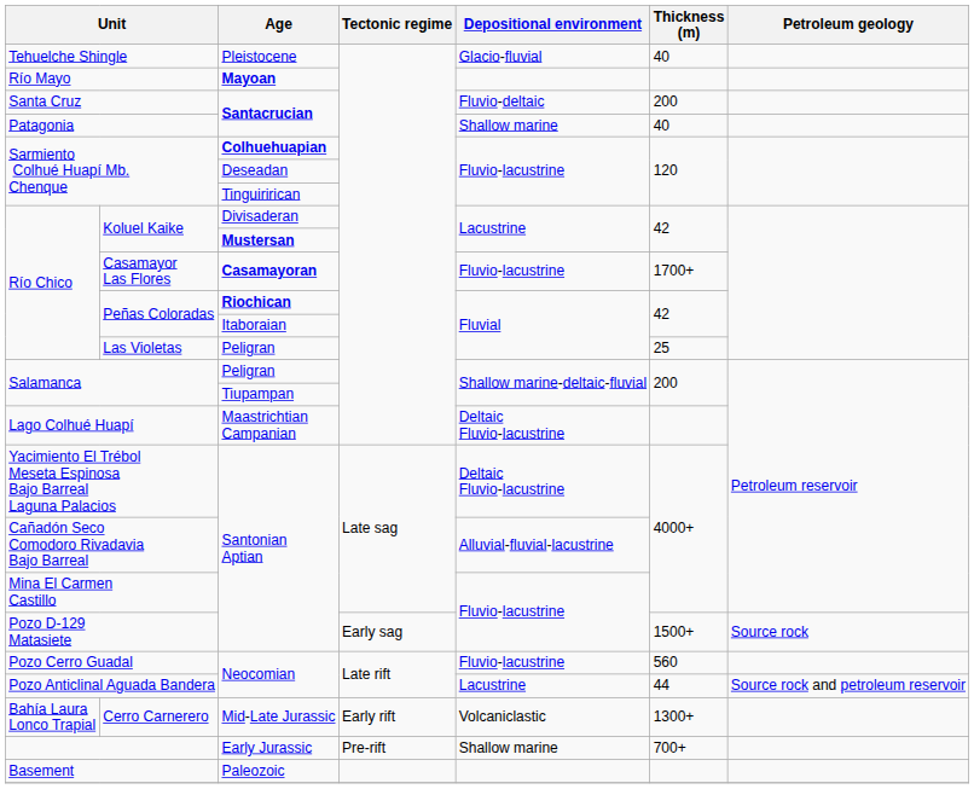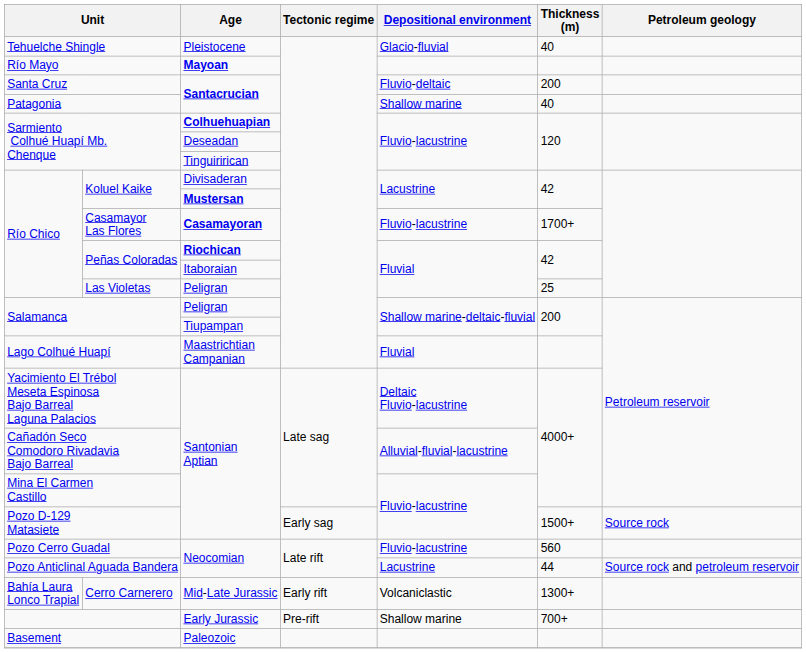 <table class="wikitable">
 <tr>
 <th colspan="2">Unit</th>
 <th>Age<br></th>
 <th>Tectonic regime</th>
 <th><a href='#'>Depositional environment</a></th>
 <th>Thickness<br>(m)</th>
 <th>Petroleum geology</th>
 </tr>
 <tr>
 <td colspan="2"><a href='#'>Tehuelche Shingle</a></td>
 <td style="background-color: "><a href='#'>Pleistocene</a></td>
 <td rowspan=16></td>
 <td><a href='#'>Glacio</a>-<a href='#'>fluvial</a></td>
 <td>40</td>
 <td></td>
 </tr>
 <tr>
 <td colspan="2"><a href='#'>Río Mayo</a></td>
 <td style="background-color: "><strong><a href='#'>Mayoan</a></strong></td>
 <td></td>
 <td></td>
 <td></td>
 </tr>
 <tr>
 <td colspan="2"><a href='#'>Santa Cruz</a></td>
 <td rowspan=2 style="background-color: "><strong><a href='#'>Santacrucian</a></strong></td>
 <td><a href='#'>Fluvio</a>-<a href='#'>deltaic</a></td>
 <td>200</td>
 <td></td>
 </tr>
 <tr>
 <td colspan="2"><a href='#'>Patagonia</a></td>
 <td><a href='#'>Shallow marine</a></td>
 <td>40</td>
 <td></td>
 </tr>
 <tr>
 <td colspan="2" rowspan=3><a href='#'>Sarmiento</a><br> <a href='#'>Colhué Huapí Mb.</a><br><a href='#'>Chenque</a></td>
 <td style="background-color: "><strong><a href='#'>Colhuehuapian</a></strong></td>
 <td rowspan=3><a href='#'>Fluvio</a>-<a href='#'>lacustrine</a></td>
 <td rowspan=3>120</td>
 <td rowspan=3></td>
 </tr>
 <tr>
 <td style="background-color: "><a href='#'>Deseadan</a></td>
 </tr>
 <tr>
 <td style="background-color: "><a href='#'>Tinguirirican</a></td>
 </tr>
 <tr>
 <td rowspan=6><a href='#'>Río Chico</a></td>
 <td rowspan=2><a href='#'>Koluel Kaike</a></td>
 <td style="background-color: "><a href='#'>Divisaderan</a></td>
 <td rowspan=2><a href='#'>Lacustrine</a></td>
 <td rowspan=2>42</td>
 <td rowspan=6></td>
 </tr>
 <tr>
 <td style="background-color: "><strong><a href='#'>Mustersan</a></strong></td>
 </tr>
 <tr>
 <td><a href='#'>Casamayor</a><br><a href='#'>Las Flores</a></td>
 <td style="background-color: "><strong><a href='#'>Casamayoran</a></strong></td>
 <td><a href='#'>Fluvio</a>-<a href='#'>lacustrine</a></td>
 <td>1700+</td>
 </tr>
 <tr>
 <td rowspan=2><a href='#'>Peñas Coloradas</a></td>
 <td style="background-color: "><strong><a href='#'>Riochican</a></strong></td>
 <td rowspan=3><a href='#'>Fluvial</a></td>
 <td rowspan=2>42</td>
 </tr>
 <tr>
 <td style="background-color: "><a href='#'>Itaboraian</a></td>
 </tr>
 <tr>
 <td><a href='#'>Las Violetas</a></td>
 <td style="background-color: "><a href='#'>Peligran</a></td>
 <td>25</td>
 </tr>
 <tr>
 <td rowspan=2 colspan=2><a href='#'>Salamanca</a></td>
 <td style="background-color: "><a href='#'>Peligran</a></td>
 <td rowspan=2><a href='#'>Shallow marine</a>-<a href='#'>deltaic</a>-<a href='#'>fluvial</a></td>
 <td rowspan=2>200</td>
 <td rowspan=6><a href='#'>Petroleum reservoir</a></td>
 </tr>
 <tr>
 <td style="background-color: "><a href='#'>Tiupampan</a></td>
 </tr>
 <tr>
 <td colspan=2><a href='#'>Lago Colhué Huapí</a></td>
 <td style="background-color: "><a href='#'>Maastrichtian</a><br><a href='#'>Campanian</a></td>
-<td><a href='#'>Deltaic</a><br><a href='#'>Fluvio</a>-<a href='#'>lacustrine</a></td>
+<td><a href='#'>Fluvial</a></td>
 <td></td>
 </tr>
 <tr>
 <td colspan="2"><a href='#'>Yacimiento El Trébol</a><br><a href='#'>Meseta Espinosa</a><br><a href='#'>Bajo Barreal</a><br><a href='#'>Laguna Palacios</a></td>
 <td rowspan=4 style="background-color: "><a href='#'>Santonian</a><br><a href='#'>Aptian</a></td>
 <td rowspan=3>Late sag</td>
 <td><a href='#'>Deltaic</a><br><a href='#'>Fluvio</a>-<a href='#'>lacustrine</a></td>
 <td rowspan=3>4000+</td>
 </tr>
 <tr>
 <td colspan="2"><a href='#'>Cañadón Seco</a><br><a href='#'>Comodoro Rivadavia</a><br><a href='#'>Bajo Barreal</a></td>
 <td><a href='#'>Alluvial</a>-<a href='#'>fluvial</a>-<a href='#'>lacustrine</a></td>
 </tr>
 <tr>
 <td colspan="2"><a href='#'>Mina El Carmen</a><br><a href='#'>Castillo</a></td>
 <td rowspan=2><a href='#'>Fluvio</a>-<a href='#'>lacustrine</a></td>
 </tr>
 <tr>
 <td colspan="2"><a href='#'>Pozo D-129</a><br><a href='#'>Matasiete</a></td>
 <td>Early sag</td>
 <td>1500+</td>
 <td><a href='#'>Source rock</a></td>
 </tr>
 <tr>
 <td colspan="2"><a href='#'>Pozo Cerro Guadal</a></td>
 <td rowspan=2 style="background-color: "><a href='#'>Neocomian</a></td>
 <td rowspan=2>Late rift</td>
 <td><a href='#'>Fluvio</a>-<a href='#'>lacustrine</a></td>
 <td>560</td>
 <td></td>
 </tr>
 <tr>
 <td colspan="2"><a href='#'>Pozo Anticlinal Aguada Bandera</a></td>
 <td><a href='#'>Lacustrine</a></td>
 <td>44</td>
 <td><a href='#'>Source rock</a> and <a href='#'>petroleum reservoir</a></td>
 </tr>
 <tr>
 <td><a href='#'>Bahía Laura</a><br><a href='#'>Lonco Trapial</a></td>
 <td><a href='#'>Cerro Carnerero</a></td>
 <td style="background-color: "><a href='#'>Mid</a>-<a href='#'>Late Jurassic</a></td>
 <td>Early rift</td>
 <td>Volcaniclastic</td>
 <td>1300+</td>
 <td></td>
 </tr>
 <tr>
 <td colspan=2></td>
 <td style="background-color: "><a href='#'>Early Jurassic</a></td>
 <td>Pre-rift</td>
 <td>Shallow marine</td>
 <td>700+</td>
 <td></td>
 </tr>
 <tr>
 <td colspan=2><a href='#'>Basement</a></td>
 <td style="background-color: "><a href='#'>Paleozoic</a></td>
 <td></td>
 <td></td>
 <td></td>
 <td></td>
 </tr>
 <tr>
 </tr>
 </table>
